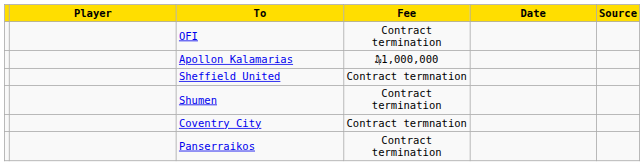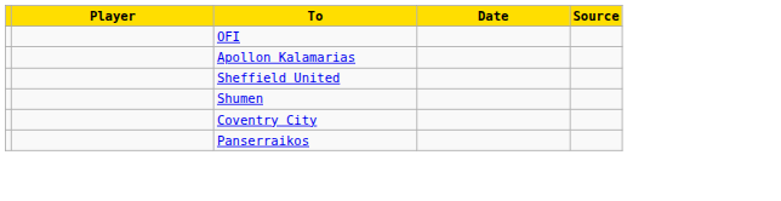 <table class="wikitable sortable">
 <tr>
 <th style="background:#FFDE00"></th>
 <th width=200 style="background:#FFDE00">Player</th>
 <th width=200 style="background:#FFDE00">To</th>
-<th width=150 style="background:#FFDE00">Fee</th>
 <th width=150 style="background:#FFDE00">Date</th>
 <th style="background:#FFDE00">Source</th>
 </tr>
 <tr>
 <td align=center></td>
 <td></td>
 <td> <a href='#'>OFI</a></td>
-<td align=center>Contract termination</td>
 <td align=center></td>
 <td align=center></td>
 </tr>
 <tr>
 <td align=center></td>
 <td></td>
 <td> <a href='#'>Apollon Kalamarias</a></td>
-<td align=center>₯1,000,000</td>
 <td align=center></td>
 <td align=center></td>
 </tr>
 <tr>
 <td align=center></td>
 <td></td>
 <td> <a href='#'>Sheffield United</a></td>
-<td align=center>Contract termnation</td>
 <td align=center></td>
 <td align=center></td>
 </tr>
 <tr>
 <td align=center></td>
 <td></td>
 <td> <a href='#'>Shumen</a></td>
-<td align=center>Contract termination</td>
 <td align=center></td>
 <td align=center></td>
 </tr>
 <tr>
 <td align=center></td>
 <td></td>
 <td> <a href='#'>Coventry City</a></td>
-<td align=center>Contract termnation</td>
 <td align=center></td>
 <td align=center></td>
 </tr>
 <tr>
 <td align=center></td>
 <td></td>
 <td> <a href='#'>Panserraikos</a></td>
-<td align=center>Contract termination</td>
 <td align=center></td>
 <td align=center></td>
 </tr>
 </table>
